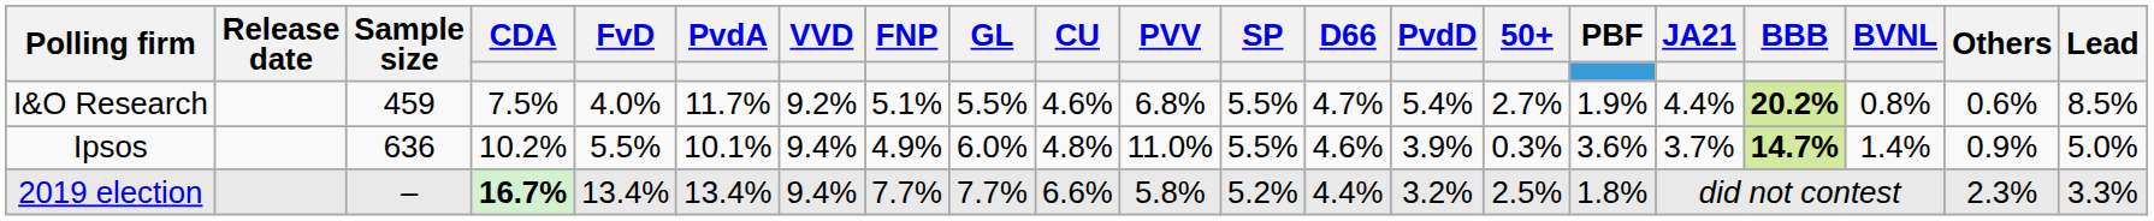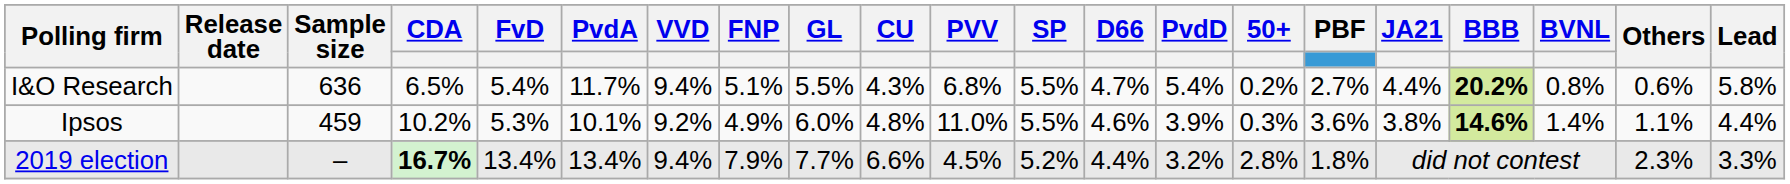 <table class="wikitable sortable tpl-blanktable" style="text-align:center;font-size:90%;line-height:14px;">
 <tr>
 <th rowspan="2">Polling firm</th>
 <th rowspan="2">Release<br>date</th>
 <th rowspan="2">Sample<br>size</th>
 <th class="unsortable" style="width:30px;"><a href='#'>CDA</a></th>
 <th class="unsortable" style="width:30px;"><a href='#'>FvD</a></th>
 <th class="unsortable" style="width:30px;"><a href='#'>PvdA</a></th>
 <th class="unsortable" style="width:30px;"><a href='#'>VVD</a></th>
 <th class="unsortable" style="width:30px;"><a href='#'>FNP</a></th>
 <th class="unsortable" style="width:30px;"><a href='#'>GL</a></th>
 <th class="unsortable" style="width:30px;"><a href='#'>CU</a></th>
 <th class="unsortable" style="width:30px;"><a href='#'>PVV</a></th>
 <th class="unsortable" style="width:30px;"><a href='#'>SP</a></th>
 <th class="unsortable" style="width:30px;"><a href='#'>D66</a></th>
 <th class="unsortable" style="width:30px;"><a href='#'>PvdD</a></th>
 <th class="unsortable" style="width:30px;"><a href='#'>50+</a></th>
 <th class="unsortable" style="width:30px;">PBF </th>
 <th class="unsortable" style="width:30px;"><a href='#'>JA21</a></th>
 <th class="unsortable" style="width:30px;"><a href='#'>BBB</a></th>
 <th class="unsortable" style="width:30px;"><a href='#'>BVNL</a></th>
 <th class="unsortable" style="width:30px;" rowspan="2">Others</th>
 <th rowspan="2">Lead</th>
 </tr>
 <tr>
 <th data-sort-type="number" style="background:"></th>
 <th data-sort-type="number" style="background:"></th>
 <th data-sort-type="number" style="background:"></th>
 <th data-sort-type="number" style="background:"></th>
 <th data-sort-type="number" style="background:"></th>
 <th data-sort-type="number" style="background:"></th>
 <th data-sort-type="number" style="background:"></th>
 <th data-sort-type="number" style="background:"></th>
 <th data-sort-type="number" style="background:"></th>
 <th data-sort-type="number" style="background:"></th>
 <th data-sort-type="number" style="background:"></th>
 <th data-sort-type="number" style="background:"></th>
 <th data-sort-type="number" style="background:#389ad6;"></th>
 <th data-sort-type="number" style="background:"></th>
 <th data-sort-type="number" style="background:"></th>
 <th data-sort-type="number" style="background:"></th>
 </tr>
 <tr>
 <td>I&O Research</td>
 <td></td>
-<td>459</td>
-<td>7.5%</td>
-<td>4.0%</td>
+<td>636</td>
+<td>6.5%</td>
+<td>5.4%</td>
 <td>11.7%</td>
-<td>9.2%</td>
+<td>9.4%</td>
 <td>5.1%</td>
 <td>5.5%</td>
-<td>4.6%</td>
+<td>4.3%</td>
 <td>6.8%</td>
 <td>5.5%</td>
 <td>4.7%</td>
 <td>5.4%</td>
+<td>0.2%</td>
 <td>2.7%</td>
-<td>1.9%</td>
 <td>4.4%</td>
 <td style="background:#d3ea9e;"><strong>20.2%</strong></td>
 <td>0.8%</td>
 <td>0.6%</td>
-<td style="background:">8.5%</td>
+<td style="background:">5.8%</td>
 </tr>
 <tr>
 <td>Ipsos</td>
 <td></td>
-<td>636</td>
+<td>459</td>
 <td>10.2%</td>
-<td>5.5%</td>
+<td>5.3%</td>
 <td>10.1%</td>
-<td>9.4%</td>
+<td>9.2%</td>
 <td>4.9%</td>
 <td>6.0%</td>
 <td>4.8%</td>
 <td>11.0%</td>
 <td>5.5%</td>
 <td>4.6%</td>
 <td>3.9%</td>
 <td>0.3%</td>
 <td>3.6%</td>
-<td>3.7%</td>
-<td style="background:#d3ea9e;"><strong>14.7%</strong></td>
+<td>3.8%</td>
+<td style="background:#d3ea9e;"><strong>14.6%</strong></td>
 <td>1.4%</td>
-<td>0.9%</td>
-<td style="background:">5.0%</td>
+<td>1.1%</td>
+<td style="background:">4.4%</td>
 </tr>
 <tr style="background:#E9E9E9;">
 <td><a href='#'>2019 election</a></td>
 <td></td>
 <td>–</td>
 <td style="background:#D3F2D0;"><strong>16.7%</strong></td>
 <td>13.4%</td>
 <td>13.4%</td>
 <td>9.4%</td>
-<td>7.7%</td>
+<td>7.9%</td>
 <td>7.7%</td>
 <td>6.6%</td>
-<td>5.8%</td>
+<td>4.5%</td>
 <td>5.2%</td>
 <td>4.4%</td>
 <td>3.2%</td>
-<td>2.5%</td>
+<td>2.8%</td>
 <td>1.8%</td>
 <td colspan=3><em>did not contest</em></td>
 <td>2.3%</td>
 <td style="background:">3.3%</td>
 </tr>
 </table>
